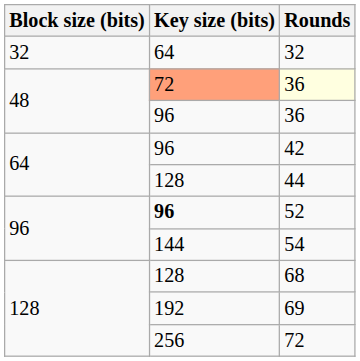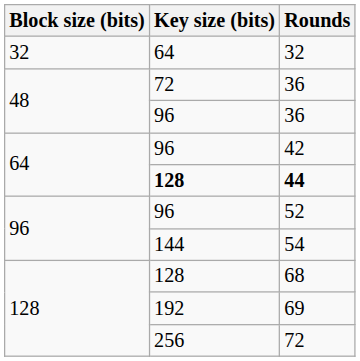 <table class="wikitable">
 <tr>
 <th>Block size (bits)</th>
 <th>Key size (bits)</th>
 <th>Rounds</th>
 </tr>
 <tr>
 <td>32</td>
 <td>64</td>
 <td>32</td>
 </tr>
 <tr>
 <td rowspan="2">48</td>
-<td style="background: lightsalmon;">72</td>
-<td style="background: lightyellow;">36</td>
+<td>72</td>
+<td>36</td>
 </tr>
 <tr>
 <td>96</td>
 <td>36</td>
 </tr>
 <tr>
 <td rowspan="2">64</td>
 <td>96</td>
 <td>42</td>
 </tr>
 <tr>
-<td>128</td>
-<td>44</td>
+<td><strong>128</strong></td>
+<td><strong>44</strong></td>
 </tr>
 <tr>
 <td rowspan="2">96</td>
-<td><strong>96</strong></td>
+<td>96</td>
 <td>52</td>
 </tr>
 <tr>
 <td>144</td>
 <td>54</td>
 </tr>
 <tr>
 <td rowspan="3">128</td>
 <td>128</td>
 <td>68</td>
 </tr>
 <tr>
 <td>192</td>
 <td>69</td>
 </tr>
 <tr>
 <td>256</td>
 <td>72</td>
 </tr>
 </table>
